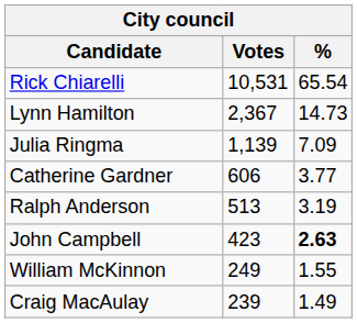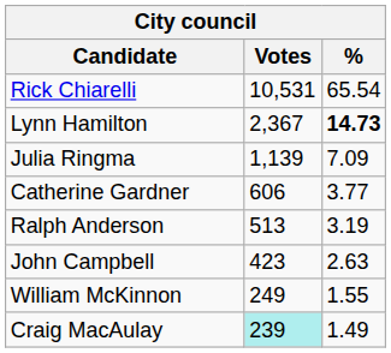 <table class="wikitable">
 <tr>
 <th colspan="3">City council</th>
 </tr>
 <tr>
 <th style="width: 170px">Candidate</th>
 <th style="width: 50px">Votes</th>
 <th style="width: 40px">%</th>
 </tr>
 <tr>
 <td><a href='#'>Rick Chiarelli</a></td>
 <td>10,531</td>
 <td>65.54</td>
 </tr>
 <tr>
 <td>Lynn Hamilton</td>
 <td>2,367</td>
-<td>14.73</td>
+<td><strong>14.73</strong></td>
 </tr>
 <tr>
 <td>Julia Ringma</td>
 <td>1,139</td>
 <td>7.09</td>
 </tr>
 <tr>
 <td>Catherine Gardner</td>
 <td>606</td>
 <td>3.77</td>
 </tr>
 <tr>
 <td>Ralph Anderson</td>
 <td>513</td>
 <td>3.19</td>
 </tr>
 <tr>
 <td>John Campbell</td>
 <td>423</td>
-<td><strong>2.63</strong></td>
+<td>2.63</td>
 </tr>
 <tr>
 <td>William McKinnon</td>
 <td>249</td>
 <td>1.55</td>
 </tr>
 <tr>
 <td>Craig MacAulay</td>
-<td>239</td>
+<td style="background: paleturquoise;">239</td>
 <td>1.49</td>
 </tr>
 </table>
